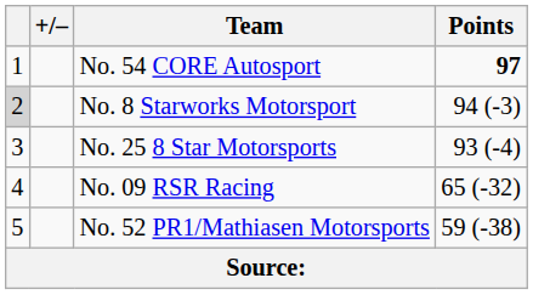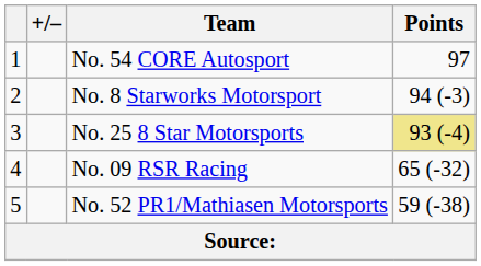 <table class="wikitable" style="font-size: 95%;">
 <tr>
 <th scope="col"></th>
 <th scope="col">+/–</th>
 <th scope="col">Team</th>
 <th scope="col">Points</th>
 </tr>
 <tr>
 <td align=center>1</td>
 <td align="left"></td>
 <td> No. 54 <a href='#'>CORE Autosport</a></td>
-<td align=right><strong>97</strong></td>
+<td align=right>97</td>
 </tr>
 <tr>
-<td align=center style="background: lightgrey;">2</td>
+<td align=center>2</td>
 <td align="left"></td>
 <td> No. 8 <a href='#'>Starworks Motorsport</a></td>
 <td align=right>94 (-3)</td>
 </tr>
 <tr>
 <td align=center>3</td>
 <td align="left"></td>
 <td> No. 25 <a href='#'>8 Star Motorsports</a></td>
-<td align=right>93 (-4)</td>
+<td align=right style="background: khaki;">93 (-4)</td>
 </tr>
 <tr>
 <td align=center>4</td>
 <td align="left"></td>
 <td> No. 09 <a href='#'>RSR Racing</a></td>
 <td align=right>65 (-32)</td>
 </tr>
 <tr>
 <td align=center>5</td>
 <td align="left"></td>
 <td> No. 52 <a href='#'>PR1/Mathiasen Motorsports</a></td>
 <td align=right>59 (-38)</td>
 </tr>
 <tr>
 <th colspan=5>Source:</th>
 </tr>
 </table>
